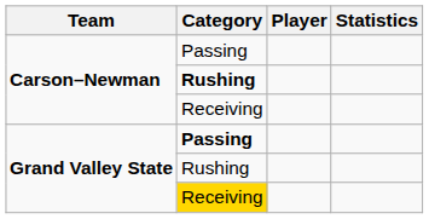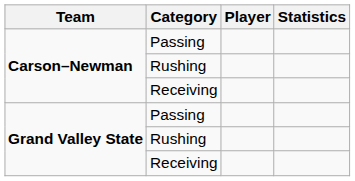 <table class="wikitable" style="float: right;">
 <tr>
 <th>Team</th>
 <th>Category</th>
 <th>Player</th>
 <th>Statistics</th>
 </tr>
 <tr>
 <td rowspan=3><strong>Carson–Newman</strong></td>
 <td>Passing</td>
 <td></td>
 <td></td>
 </tr>
 <tr>
-<td><strong>Rushing</strong></td>
+<td>Rushing</td>
 <td></td>
 <td></td>
 </tr>
 <tr>
 <td>Receiving</td>
 <td></td>
 <td></td>
 </tr>
 <tr>
 <td rowspan=3><strong>Grand Valley State</strong></td>
-<td><strong>Passing</strong></td>
+<td>Passing</td>
 <td></td>
 <td></td>
 </tr>
 <tr>
 <td>Rushing</td>
 <td></td>
 <td></td>
 </tr>
 <tr>
-<td style="background: gold;">Receiving</td>
+<td>Receiving</td>
 <td></td>
 <td></td>
 </tr>
 </table>
